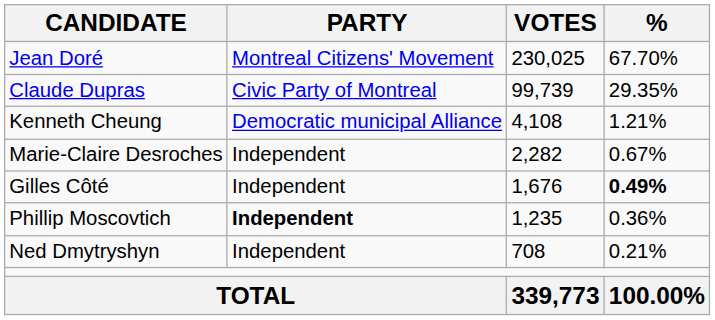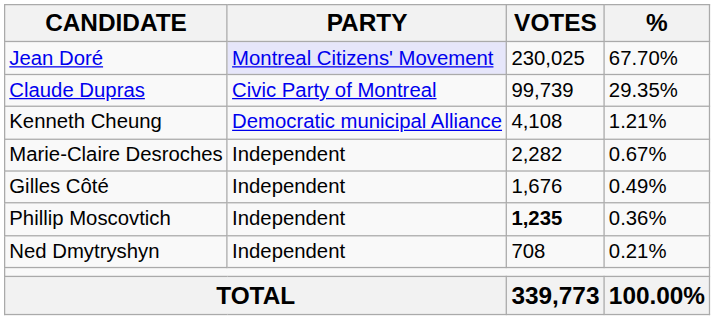 <table class="wikitable sortable">
 <tr>
 <th><big>CANDIDATE</big></th>
 <th><big>PARTY</big></th>
 <th><big>VOTES</big></th>
 <th><big>%</big></th>
 </tr>
 <tr>
 <td><a href='#'>Jean Doré</a></td>
-<td><a href='#'>Montreal Citizens' Movement</a></td>
+<td style="background: lavender;"><a href='#'>Montreal Citizens' Movement</a></td>
 <td>230,025</td>
 <td>67.70%</td>
 </tr>
 <tr>
 <td><a href='#'>Claude Dupras</a></td>
 <td><a href='#'>Civic Party of Montreal</a></td>
 <td>99,739</td>
 <td>29.35%</td>
 </tr>
 <tr>
 <td>Kenneth Cheung</td>
 <td><a href='#'>Democratic municipal Alliance</a></td>
 <td>4,108</td>
 <td>1.21%</td>
 </tr>
 <tr>
 <td>Marie-Claire Desroches</td>
 <td>Independent</td>
 <td>2,282</td>
 <td>0.67%</td>
 </tr>
 <tr>
 <td>Gilles Côté</td>
 <td>Independent</td>
 <td>1,676</td>
-<td><strong>0.49%</strong></td>
+<td>0.49%</td>
 </tr>
 <tr>
 <td>Phillip Moscovtich</td>
-<td><strong>Independent</strong></td>
-<td>1,235</td>
+<td>Independent</td>
+<td><strong>1,235</strong></td>
 <td>0.36%</td>
 </tr>
 <tr>
 <td>Ned Dmytryshyn</td>
 <td>Independent</td>
 <td>708</td>
 <td>0.21%</td>
 </tr>
 <tr>
 <td colspan="4"></td>
 </tr>
 <tr>
 <th colspan="2"><big>TOTAL</big></th>
 <th><big>339,773</big></th>
 <th><big>100.00%</big></th>
 </tr>
 </table>
